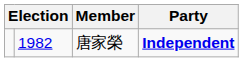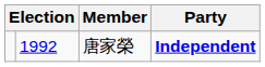 <table class="wikitable">
 <tr>
 <th colspan="2">Election</th>
 <th>Member</th>
 <th>Party</th>
 </tr>
 <tr>
 <td style="background-color: "></td>
-<td><a href='#'>1982</a></td>
+<td><a href='#'>1992</a></td>
 <td>唐家榮</td>
 <td><strong><a href='#'>Independent</a></strong></td>
 </tr>
 </table>
